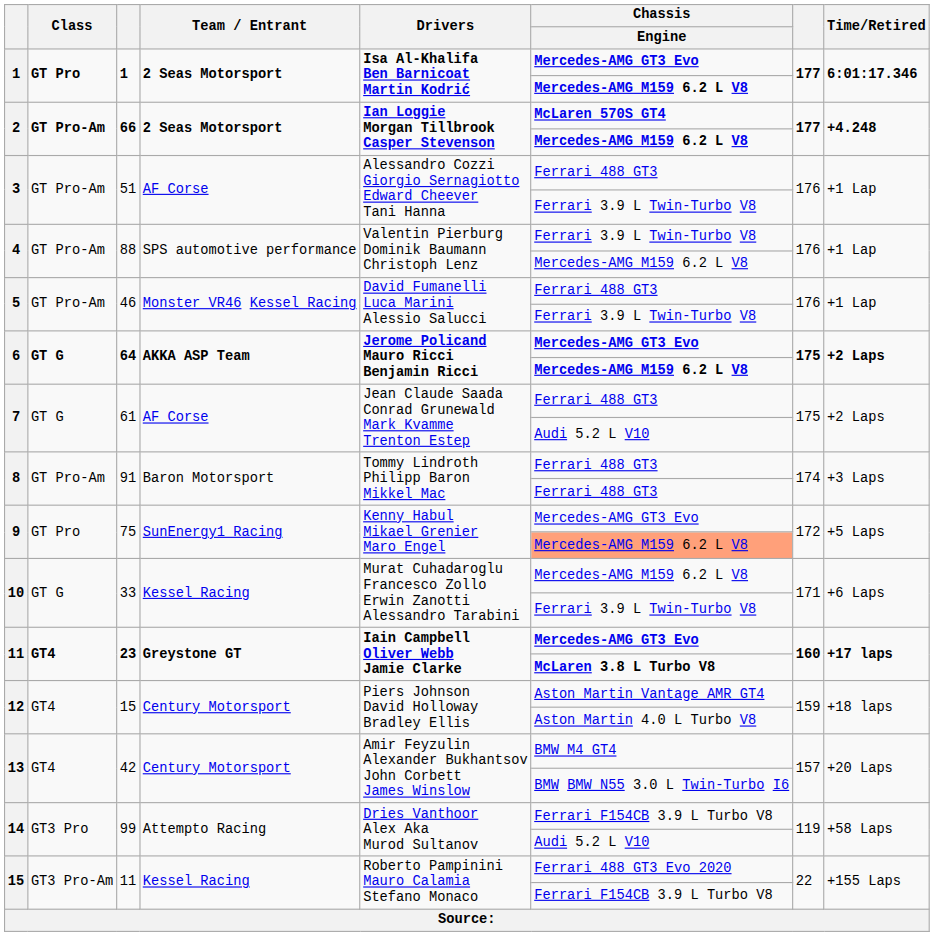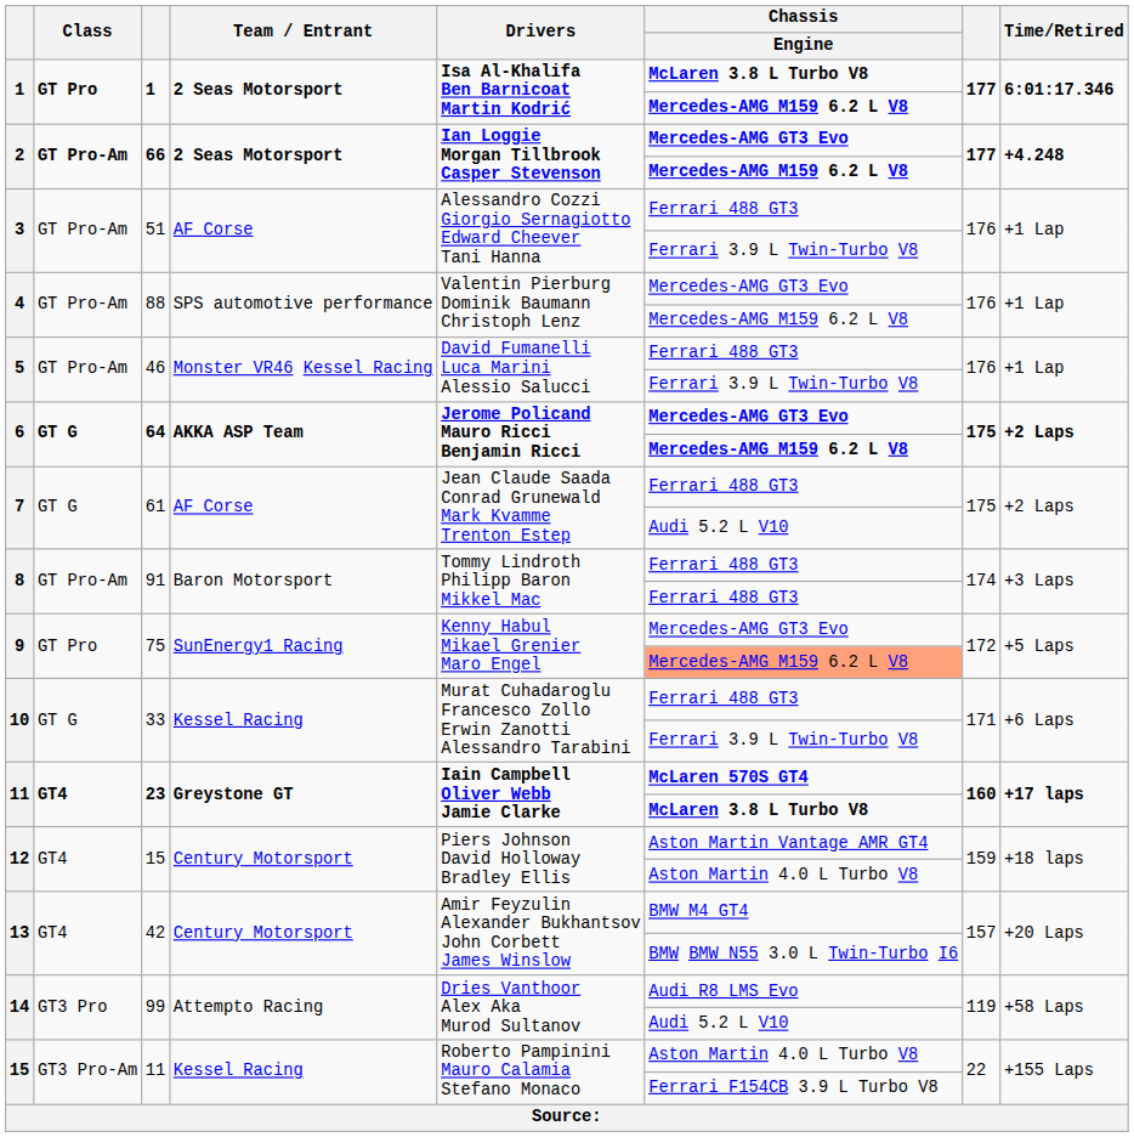 <table class="wikitable" style="font-size: 95%;">
 <tr>
 <th rowspan="2"></th>
 <th rowspan="2">Class</th>
 <th rowspan="2" class="unsortable"></th>
 <th rowspan="2" class="unsortable">Team / Entrant</th>
 <th rowspan="2" class="unsortable">Drivers</th>
 <th scope="col" class="unsortable">Chassis</th>
 <th rowspan="2" class="unsortable"></th>
 <th rowspan="2" class="unsortable">Time/Retired</th>
 </tr>
 <tr>
 <th>Engine</th>
 </tr>
 <tr>
 <th rowspan=2><strong>1</strong></th>
 <td rowspan=2><strong>GT Pro</strong></td>
 <td rowspan=2><strong>1</strong></td>
 <td rowspan=2><strong> 2 Seas Motorsport</strong></td>
 <td rowspan=2><strong> Isa Al-Khalifa<br> <a href='#'>Ben Barnicoat</a><br> <a href='#'>Martin Kodrić</a></strong></td>
-<td><a href='#'><strong>Mercedes-AMG GT3 Evo</strong></a></td>
+<td><strong><a href='#'>McLaren</a> 3.8 L Turbo V8</strong></td>
 <td rowspan=2><strong>177</strong></td>
 <td rowspan=2><strong>6:01:17.346</strong></td>
 </tr>
 <tr>
 <td><strong><a href='#'>Mercedes-AMG M159</a> 6.2 L <a href='#'>V8</a></strong></td>
 </tr>
 <tr>
 <th rowspan=2><strong>2</strong></th>
 <td rowspan=2><strong>GT Pro-Am</strong></td>
 <td rowspan=2><strong>66</strong></td>
 <td rowspan=2><strong> 2 Seas Motorsport</strong></td>
 <td rowspan=2><strong> <a href='#'>Ian Loggie</a><br> Morgan Tillbrook<br> <a href='#'>Casper Stevenson</a></strong></td>
-<td><a href='#'><strong>McLaren 570S GT4</strong></a></td>
+<td><a href='#'><strong>Mercedes-AMG GT3 Evo</strong></a></td>
 <td rowspan=2><strong>177</strong></td>
 <td rowspan=2><strong>+4.248</strong></td>
 </tr>
 <tr>
 <td><strong><a href='#'>Mercedes-AMG M159</a> 6.2 L <a href='#'>V8</a></strong></td>
 </tr>
 <tr>
 <th rowspan=2>3</th>
 <td rowspan=2>GT Pro-Am</td>
 <td rowspan=2>51</td>
 <td rowspan=2> <a href='#'>AF Corse</a></td>
 <td rowspan=2> Alessandro Cozzi<br> <a href='#'>Giorgio Sernagiotto</a><br> <a href='#'>Edward Cheever</a><br> Tani Hanna</td>
 <td><a href='#'>Ferrari 488 GT3</a></td>
 <td rowspan=2>176</td>
 <td rowspan=2>+1 Lap</td>
 </tr>
 <tr>
 <td><a href='#'>Ferrari</a> 3.9 L <a href='#'>Twin-Turbo</a> <a href='#'>V8</a></td>
 </tr>
 <tr>
 <th rowspan=2>4</th>
 <td rowspan=2>GT Pro-Am</td>
 <td rowspan=2>88</td>
 <td rowspan=2> SPS automotive performance</td>
 <td rowspan=2> Valentin Pierburg<br> Dominik Baumann<br> Christoph Lenz</td>
-<td><a href='#'>Ferrari</a> 3.9 L <a href='#'>Twin-Turbo</a> <a href='#'>V8</a></td>
+<td><a href='#'>Mercedes-AMG GT3 Evo</a></td>
 <td rowspan=2>176</td>
 <td rowspan=2>+1 Lap</td>
 </tr>
 <tr>
 <td><a href='#'>Mercedes-AMG M159</a> 6.2 L <a href='#'>V8</a></td>
 </tr>
 <tr>
 <th rowspan=2>5</th>
 <td rowspan=2>GT Pro-Am</td>
 <td rowspan=2>46</td>
 <td rowspan=2> <a href='#'>Monster VR46</a> <a href='#'>Kessel Racing</a></td>
 <td rowspan=2> <a href='#'>David Fumanelli</a><br> <a href='#'>Luca Marini</a><br> Alessio Salucci</td>
 <td><a href='#'>Ferrari 488 GT3</a></td>
 <td rowspan=2>176</td>
 <td rowspan=2>+1 Lap</td>
 </tr>
 <tr>
 <td><a href='#'>Ferrari</a> 3.9 L <a href='#'>Twin-Turbo</a> <a href='#'>V8</a></td>
 </tr>
 <tr>
 <th rowspan=2><strong>6</strong></th>
 <td rowspan=2><strong>GT G</strong></td>
 <td rowspan=2><strong>64</strong></td>
 <td rowspan=2><strong> AKKA ASP Team</strong></td>
 <td rowspan=2><strong> <a href='#'>Jerome Policand</a><br> Mauro Ricci<br> Benjamin Ricci</strong></td>
 <td><a href='#'><strong>Mercedes-AMG GT3 Evo</strong></a></td>
 <td rowspan=2><strong>175</strong></td>
 <td rowspan=2><strong>+2 Laps</strong></td>
 </tr>
 <tr>
 <td><strong><a href='#'>Mercedes-AMG M159</a> 6.2 L <a href='#'>V8</a></strong></td>
 </tr>
 <tr>
 <th rowspan=2>7</th>
 <td rowspan=2>GT G</td>
 <td rowspan=2>61</td>
 <td rowspan=2> <a href='#'>AF Corse</a></td>
 <td rowspan=2> Jean Claude Saada<br> Conrad Grunewald<br> <a href='#'>Mark Kvamme</a><br> <a href='#'>Trenton Estep</a></td>
 <td><a href='#'>Ferrari 488 GT3</a></td>
 <td rowspan=2>175</td>
 <td rowspan=2>+2 Laps</td>
 </tr>
 <tr>
 <td><a href='#'>Audi</a> 5.2 L <a href='#'>V10</a></td>
 </tr>
 <tr>
 <th rowspan=2>8</th>
 <td rowspan=2>GT Pro-Am</td>
 <td rowspan=2>91</td>
 <td rowspan=2> Baron Motorsport</td>
 <td rowspan=2> Tommy Lindroth<br> Philipp Baron<br> <a href='#'>Mikkel Mac</a></td>
 <td><a href='#'>Ferrari 488 GT3</a></td>
 <td rowspan=2>174</td>
 <td rowspan=2>+3 Laps</td>
 </tr>
 <tr>
 <td><a href='#'>Ferrari 488 GT3</a></td>
 </tr>
 <tr>
 <th rowspan=2>9</th>
 <td rowspan=2>GT Pro</td>
 <td rowspan=2>75</td>
 <td rowspan=2> <a href='#'>SunEnergy1 Racing</a></td>
 <td rowspan=2> <a href='#'>Kenny Habul</a><br> <a href='#'>Mikael Grenier</a><br> <a href='#'>Maro Engel</a></td>
 <td><a href='#'>Mercedes-AMG GT3 Evo</a></td>
 <td rowspan=2>172</td>
 <td rowspan=2>+5 Laps</td>
 </tr>
 <tr>
 <td style="background: lightsalmon;"><a href='#'>Mercedes-AMG M159</a> 6.2 L <a href='#'>V8</a></td>
 </tr>
 <tr>
 <th rowspan=2>10</th>
 <td rowspan=2>GT G</td>
 <td rowspan=2>33</td>
 <td rowspan=2> <a href='#'>Kessel Racing</a></td>
 <td rowspan=2> Murat Cuhadaroglu<br> Francesco Zollo<br> Erwin Zanotti<br> Alessandro Tarabini</td>
-<td><a href='#'>Mercedes-AMG M159</a> 6.2 L <a href='#'>V8</a></td>
+<td><a href='#'>Ferrari 488 GT3</a></td>
 <td rowspan=2>171</td>
 <td rowspan=2>+6 Laps</td>
 </tr>
 <tr>
 <td><a href='#'>Ferrari</a> 3.9 L <a href='#'>Twin-Turbo</a> <a href='#'>V8</a></td>
 </tr>
 <tr>
 <th rowspan=2><strong>11</strong></th>
 <td rowspan=2><strong>GT4</strong></td>
 <td rowspan=2><strong>23</strong></td>
 <td rowspan=2><strong> Greystone GT</strong></td>
 <td rowspan=2><strong> Iain Campbell<br> <a href='#'>Oliver Webb</a><br> Jamie Clarke</strong></td>
-<td><a href='#'><strong>Mercedes-AMG GT3 Evo</strong></a></td>
+<td><a href='#'><strong>McLaren 570S GT4</strong></a></td>
 <td rowspan=2><strong>160</strong></td>
 <td rowspan=2><strong>+17 laps</strong></td>
 </tr>
 <tr>
 <td><strong><a href='#'>McLaren</a> 3.8 L Turbo V8</strong></td>
 </tr>
 <tr>
 <th rowspan=2>12</th>
 <td rowspan=2>GT4</td>
 <td rowspan=2>15</td>
 <td rowspan=2> <a href='#'>Century Motorsport</a></td>
 <td rowspan=2> Piers Johnson<br> David Holloway<br> Bradley Ellis</td>
 <td><a href='#'>Aston Martin Vantage AMR GT4</a></td>
 <td rowspan=2>159</td>
 <td rowspan=2>+18 laps</td>
 </tr>
 <tr>
 <td><a href='#'>Aston Martin</a> 4.0 L Turbo <a href='#'>V8</a></td>
 </tr>
 <tr>
 <th rowspan=2>13</th>
 <td rowspan=2>GT4</td>
 <td rowspan=2>42</td>
 <td rowspan=2> <a href='#'>Century Motorsport</a></td>
 <td rowspan=2> Amir Feyzulin<br> Alexander Bukhantsov<br> John Corbett<br> <a href='#'>James Winslow</a></td>
 <td><a href='#'>BMW M4 GT4</a></td>
 <td rowspan=2>157</td>
 <td rowspan=2>+20 Laps</td>
 </tr>
 <tr>
 <td><a href='#'>BMW</a> <a href='#'>BMW N55</a> 3.0 L <a href='#'>Twin-Turbo</a> <a href='#'>I6</a></td>
 </tr>
 <tr>
 <th rowspan=2>14</th>
 <td rowspan=2>GT3 Pro</td>
 <td rowspan=2>99</td>
 <td rowspan=2> Attempto Racing</td>
 <td rowspan=2> <a href='#'>Dries Vanthoor</a><br> Alex Aka<br> Murod Sultanov</td>
-<td><a href='#'>Ferrari F154CB</a> 3.9 L Turbo V8</td>
+<td><a href='#'>Audi R8 LMS Evo</a></td>
 <td rowspan=2>119</td>
 <td rowspan=2>+58 Laps</td>
 </tr>
 <tr>
 <td><a href='#'>Audi</a> 5.2 L <a href='#'>V10</a></td>
 </tr>
 <tr>
 <th rowspan=2>15</th>
 <td rowspan=2>GT3 Pro-Am</td>
 <td rowspan=2>11</td>
 <td rowspan=2> <a href='#'>Kessel Racing</a></td>
 <td rowspan=2> Roberto Pampinini<br> <a href='#'>Mauro Calamia</a><br> Stefano Monaco</td>
-<td><a href='#'>Ferrari 488 GT3 Evo 2020</a></td>
+<td><a href='#'>Aston Martin</a> 4.0 L Turbo <a href='#'>V8</a></td>
 <td rowspan=2>22</td>
 <td rowspan=2>+155 Laps</td>
 </tr>
 <tr>
 <td><a href='#'>Ferrari F154CB</a> 3.9 L Turbo V8</td>
 </tr>
 <tr>
 <th colspan=8>Source:</th>
 </tr>
 </table>
